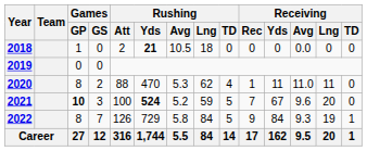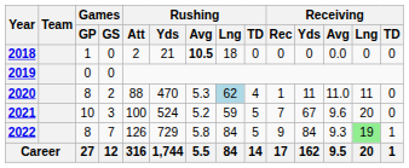 <table class="wikitable" style="text-align:center;">
 <tr>
 <th rowspan="2">Year</th>
 <th rowspan="2">Team</th>
 <th colspan="2">Games</th>
 <th colspan="5">Rushing</th>
 <th colspan="5">Receiving</th>
 </tr>
 <tr>
 <th>GP</th>
 <th>GS</th>
 <th>Att</th>
 <th>Yds</th>
 <th>Avg</th>
 <th>Lng</th>
 <th>TD</th>
 <th>Rec</th>
 <th>Yds</th>
 <th>Avg</th>
 <th>Lng</th>
 <th>TD</th>
 </tr>
 <tr>
 <th><a href='#'>2018</a></th>
 <th><a href='#'></a></th>
 <td>1</td>
 <td>0</td>
 <td>2</td>
-<td><strong>21</strong></td>
-<td>10.5</td>
+<td>21</td>
+<td><strong>10.5</strong></td>
 <td>18</td>
 <td>0</td>
 <td>0</td>
 <td>0</td>
 <td>0.0</td>
 <td>0</td>
 <td>0</td>
 </tr>
 <tr>
 <th><a href='#'>2019</a></th>
 <th><a href='#'></a></th>
 <td>0</td>
 <td>0</td>
 <td colspan="10"></td>
 </tr>
 <tr>
 <th><a href='#'>2020</a></th>
 <th><a href='#'></a></th>
 <td>8</td>
 <td>2</td>
 <td>88</td>
 <td>470</td>
 <td>5.3</td>
-<td>62</td>
+<td style="background: lightblue;">62</td>
 <td>4</td>
 <td>1</td>
 <td>11</td>
 <td>11.0</td>
 <td>11</td>
 <td>0</td>
 </tr>
 <tr>
 <th><a href='#'>2021</a></th>
 <th><a href='#'></a></th>
-<td><strong>10</strong></td>
+<td>10</td>
 <td>3</td>
 <td>100</td>
-<td><strong>524</strong></td>
+<td>524</td>
 <td>5.2</td>
 <td>59</td>
 <td>5</td>
 <td>7</td>
 <td>67</td>
 <td>9.6</td>
 <td>20</td>
 <td>0</td>
 </tr>
 <tr>
 <th><a href='#'>2022</a></th>
 <th><a href='#'></a></th>
 <td>8</td>
 <td>7</td>
 <td>126</td>
 <td>729</td>
 <td>5.8</td>
 <td>84</td>
 <td>5</td>
 <td>9</td>
 <td>84</td>
 <td>9.3</td>
-<td>19</td>
+<td style="background: lightgreen;">19</td>
 <td>1</td>
 </tr>
 <tr>
 <th align=center colspan="2">Career</th>
 <th>27</th>
 <th>12</th>
 <th>316</th>
 <th>1,744</th>
 <th>5.5</th>
 <th>84</th>
 <th>14</th>
 <th>17</th>
 <th>162</th>
 <th>9.5</th>
 <th>20</th>
 <th>1</th>
 </tr>
 </table>
